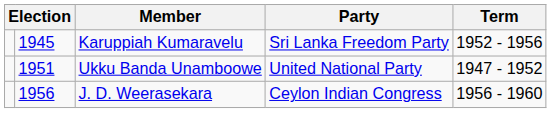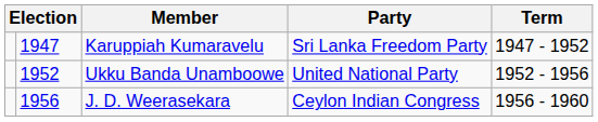 <table class="wikitable">
 <tr>
 <th colspan="2">Election</th>
 <th>Member</th>
 <th>Party</th>
 <th>Term</th>
 </tr>
 <tr>
 <td style="background-color: "></td>
-<td><a href='#'>1945</a></td>
+<td><a href='#'>1947</a></td>
 <td><a href='#'>Karuppiah Kumaravelu</a></td>
 <td><a href='#'>Sri Lanka Freedom Party</a></td>
-<td>1952 - 1956</td>
+<td>1947 - 1952</td>
 </tr>
 <tr>
 <td style="background-color: "></td>
-<td><a href='#'>1951</a></td>
+<td><a href='#'>1952</a></td>
 <td><a href='#'>Ukku Banda Unamboowe</a></td>
 <td><a href='#'>United National Party</a></td>
-<td>1947 - 1952</td>
+<td>1952 - 1956</td>
 </tr>
 <tr>
 <td style="background-color: "></td>
 <td><a href='#'>1956</a></td>
 <td><a href='#'>J. D. Weerasekara</a></td>
 <td><a href='#'>Ceylon Indian Congress</a></td>
 <td>1956 - 1960</td>
 </tr>
 </table>
